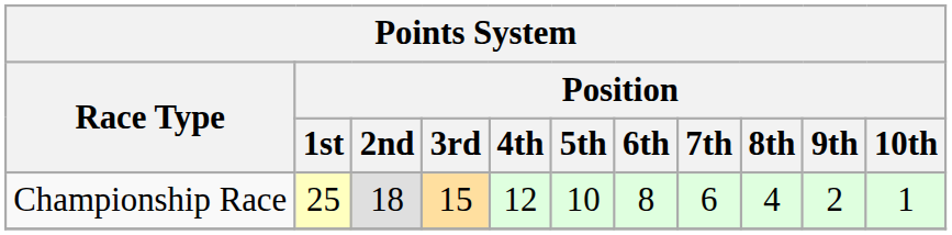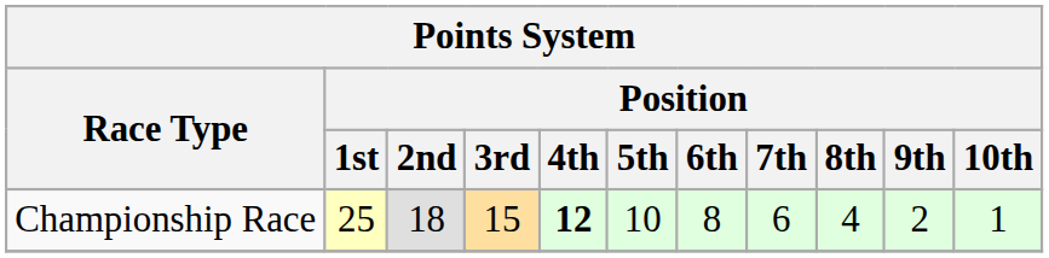 <table class="wikitable" style="font-size: 90%;">
 <tr>
 <th colspan=11>Points System</th>
 </tr>
 <tr>
 <th rowspan=2>Race Type</th>
 <th colspan=10>Position</th>
 </tr>
 <tr>
 <th>1st</th>
 <th>2nd</th>
 <th>3rd</th>
 <th>4th</th>
 <th>5th</th>
 <th>6th</th>
 <th>7th</th>
 <th>8th</th>
 <th>9th</th>
 <th>10th</th>
 </tr>
 <tr>
 <td align=center>Championship Race</td>
 <td style="background:#FFFFBF;" align="center">25</td>
 <td style="background:#DFDFDF;" align="center">18</td>
 <td style="background:#FFDF9F;" align="center">15</td>
-<td style="background:#DFFFDF;" align="center">12</td>
+<td style="background:#DFFFDF;" align="center"><strong>12</strong></td>
 <td style="background:#DFFFDF;" align="center">10</td>
 <td style="background:#DFFFDF;" align="center">8</td>
 <td style="background:#DFFFDF;" align="center">6</td>
 <td style="background:#DFFFDF;" align="center">4</td>
 <td style="background:#DFFFDF;" align="center">2</td>
 <td style="background:#DFFFDF;" align="center">1</td>
 </tr>
 <tr>
 </tr>
 </table>
